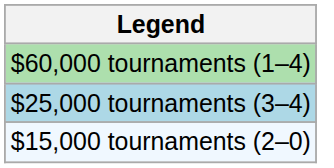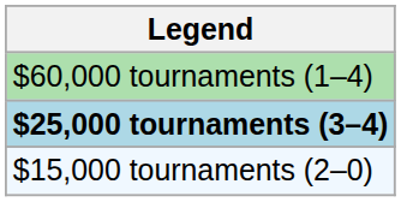 <table class=wikitable style=font-size:85%>
 <tr>
 <th>Legend</th>
 </tr>
 <tr style="background:#addfad;">
 <td>$60,000 tournaments (1–4)</td>
 </tr>
 <tr style="background:lightblue;">
-<td>$25,000 tournaments (3–4)</td>
+<td><strong>$25,000 tournaments (3–4)</strong></td>
 </tr>
 <tr style="background:#f0f8ff;">
 <td>$15,000 tournaments (2–0)</td>
 </tr>
 </table>
